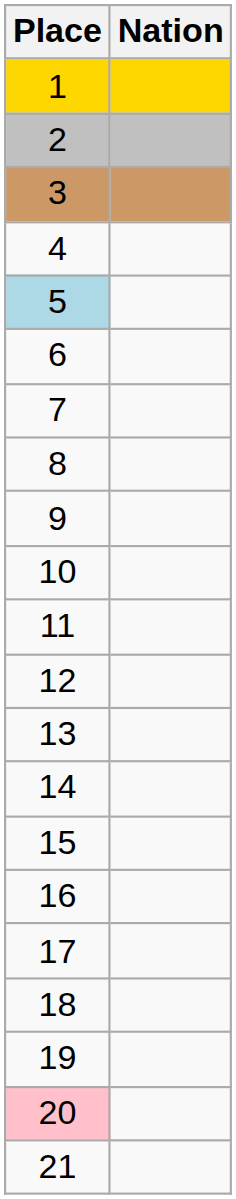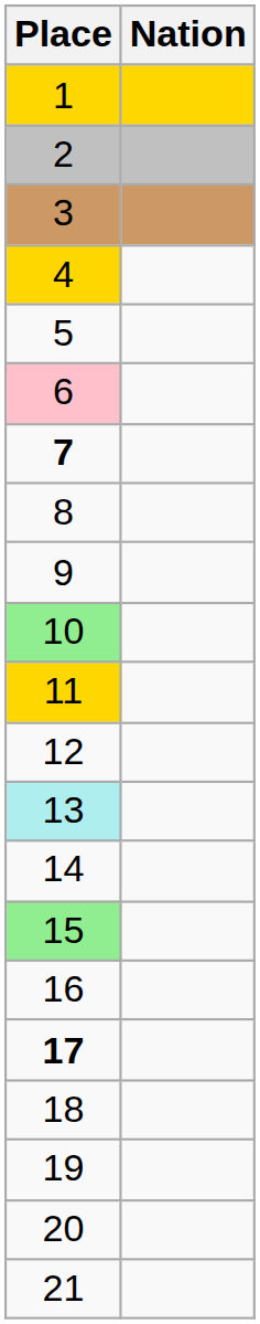 <table class="wikitable">
 <tr>
 <th>Place</th>
 <th>Nation</th>
 </tr>
 <tr bgcolor=gold>
 <td align=center>1</td>
 <td></td>
 </tr>
 <tr bgcolor=silver>
 <td align=center>2</td>
 <td></td>
 </tr>
 <tr bgcolor=cc9966>
 <td align=center>3</td>
 <td></td>
 </tr>
 <tr>
-<td align=center>4</td>
+<td align=center style="background: gold;">4</td>
 <td></td>
 </tr>
 <tr>
-<td align=center style="background: lightblue;">5</td>
+<td align=center>5</td>
 <td></td>
 </tr>
 <tr>
-<td align=center>6</td>
+<td align=center style="background: pink;">6</td>
 <td></td>
 </tr>
 <tr>
-<td align=center>7</td>
+<td align=center><strong>7</strong></td>
 <td></td>
 </tr>
 <tr>
 <td align=center>8</td>
 <td></td>
 </tr>
 <tr>
 <td align=center>9</td>
 <td></td>
 </tr>
 <tr>
-<td align=center>10</td>
+<td align=center style="background: lightgreen;">10</td>
 <td></td>
 </tr>
 <tr>
-<td align=center>11</td>
+<td align=center style="background: gold;">11</td>
 <td></td>
 </tr>
 <tr>
 <td align=center>12</td>
 <td></td>
 </tr>
 <tr>
-<td align=center>13</td>
+<td align=center style="background: paleturquoise;">13</td>
 <td></td>
 </tr>
 <tr>
 <td align=center>14</td>
 <td></td>
 </tr>
 <tr>
-<td align=center>15</td>
+<td align=center style="background: lightgreen;">15</td>
 <td></td>
 </tr>
 <tr>
 <td align=center>16</td>
 <td></td>
 </tr>
 <tr>
-<td align=center>17</td>
+<td align=center><strong>17</strong></td>
 <td></td>
 </tr>
 <tr>
 <td align=center>18</td>
 <td></td>
 </tr>
 <tr>
 <td align=center>19</td>
 <td></td>
 </tr>
 <tr>
-<td align=center style="background: pink;">20</td>
+<td align=center>20</td>
 <td></td>
 </tr>
 <tr>
 <td align=center>21</td>
 <td></td>
 </tr>
 </table>
